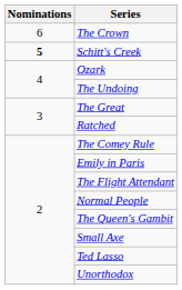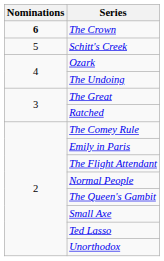 <table class="wikitable">
 <tr>
 <th scope="col" style="width:55px;">Nominations</th>
 <th scope="col" style="text-align:center;">Series</th>
 </tr>
 <tr>
-<td style="text-align:center">6</td>
+<td style="text-align:center"><strong>6</strong></td>
 <td><em><a href='#'>The Crown</a></em></td>
 </tr>
 <tr>
-<td style="text-align:center"><strong>5</strong></td>
+<td style="text-align:center">5</td>
 <td><em><a href='#'>Schitt's Creek</a></em></td>
 </tr>
 <tr>
 <td rowspan="2" style="text-align:center">4</td>
 <td><em><a href='#'>Ozark</a></em></td>
 </tr>
 <tr>
 <td><em><a href='#'>The Undoing</a></em></td>
 </tr>
 <tr>
 <td rowspan="2" style="text-align:center">3</td>
 <td><em><a href='#'>The Great</a></em></td>
 </tr>
 <tr>
 <td><em><a href='#'>Ratched</a></em></td>
 </tr>
 <tr>
 <td rowspan="8" style="text-align:center">2</td>
 <td><em><a href='#'>The Comey Rule</a></em></td>
 </tr>
 <tr>
 <td><em><a href='#'>Emily in Paris</a></em></td>
 </tr>
 <tr>
 <td><em><a href='#'>The Flight Attendant</a></em></td>
 </tr>
 <tr>
 <td><em><a href='#'>Normal People</a></em></td>
 </tr>
 <tr>
 <td><em><a href='#'>The Queen's Gambit</a></em></td>
 </tr>
 <tr>
 <td><em><a href='#'>Small Axe</a></em></td>
 </tr>
 <tr>
 <td><em><a href='#'>Ted Lasso</a></em></td>
 </tr>
 <tr>
 <td><em><a href='#'>Unorthodox</a></em></td>
 </tr>
 </table>
